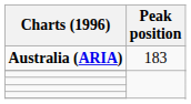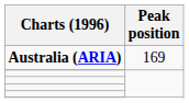 <table class="wikitable">
 <tr>
 <th>Charts (1996)</th>
 <th>Peak<br>position</th>
 </tr>
 <tr>
 <td scope="row"><strong>Australia (<a href='#'>ARIA</a>)</strong></td>
-<td align="center">183</td>
+<td align="center">169</td>
 </tr>
 <tr>
 </tr>
 <tr>
 </tr>
 <tr>
 </tr>
 <tr>
 </tr>
 <tr>
 <td></td>
 </tr>
 <tr>
 <td></td>
 </tr>
 <tr>
 <td></td>
 </tr>
 <tr>
 <td></td>
 </tr>
 <tr>
 </tr>
 </table>
